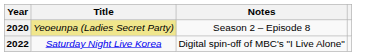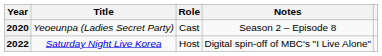 <table class="wikitable plainrowheaders" style="text-align:center">
 <tr>
 <th scope="col">Year</th>
 <th scope="col">Title</th>
+<th scope="col">Role</th>
 <th scope="col">Notes</th>
 <th scope="col" class="unsortable"></th>
 </tr>
 <tr>
 <th scope="row">2020</th>
-<td style="background: khaki;"><em>Yeoeunpa (Ladies Secret Party)</em></td>
+<td><em>Yeoeunpa (Ladies Secret Party)</em></td>
+<td>Cast</td>
 <td>Season 2 – Episode 8</td>
 <td style="text-align:center"></td>
 </tr>
 <tr>
 <th scope="row">2022</th>
 <td><em><a href='#'>Saturday Night Live Korea</a></em></td>
+<td>Host</td>
 <td>Digital spin-off of MBC's "I Live Alone"</td>
 <td style="text-align:center"></td>
 </tr>
 </table>
